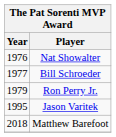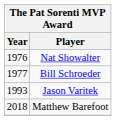 <table class="wikitable" style="display: inline-table; margin-right: 20px; text-align:center">
 <tr>
 <th scope="col" colspan="2" style="width: 145px;">The Pat Sorenti MVP Award</th>
 </tr>
 <tr>
 <th scope="col">Year</th>
 <th scope="col">Player</th>
 </tr>
 <tr>
 <td>1976</td>
 <td><a href='#'>Nat Showalter</a></td>
 </tr>
 <tr>
 <td>1977</td>
 <td><a href='#'>Bill Schroeder</a></td>
 </tr>
 <tr>
-<td>1979</td>
-<td><a href='#'>Ron Perry Jr.</a></td>
-</tr>
-<tr>
-<td>1995</td>
+<td>1993</td>
 <td><a href='#'>Jason Varitek</a></td>
 </tr>
 <tr>
 <td>2018</td>
 <td>Matthew Barefoot</td>
 </tr>
 <tr>
 </tr>
 </table>
